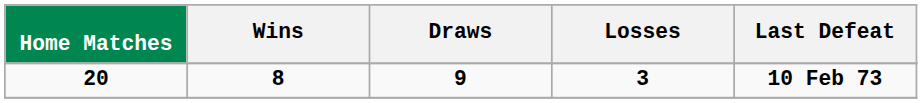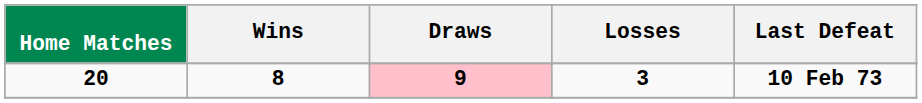 <table class="wikitable" style="text-align:center;font-size:95%">
 <tr>
 <th style="width:100px; background:#008751; color:#FFFFFF"><br>Home Matches</th>
 <th width="100">Wins</th>
 <th width="100">Draws</th>
 <th width="100">Losses</th>
 <th width="100">Last Defeat</th>
 </tr>
 <tr>
 </tr>
 <tr>
 <td><strong>20</strong></td>
 <td><strong>8</strong></td>
-<td><strong>9</strong></td>
+<td style="background: pink;"><strong>9</strong></td>
 <td><strong>3</strong></td>
 <td><strong>10 Feb 73</strong></td>
 </tr>
 <tr>
 </tr>
 </table>
